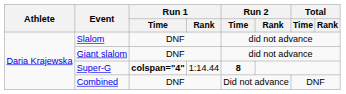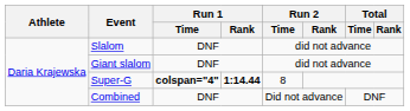 <table class="wikitable" style="font-size:90%">
 <tr>
 <th rowspan=2>Athlete</th>
 <th rowspan=2>Event</th>
 <th colspan=2>Run 1</th>
 <th colspan=2>Run 2</th>
 <th colspan=2>Total</th>
 </tr>
 <tr style="font-size:95%">
 <th>Time</th>
 <th>Rank</th>
 <th>Time</th>
 <th>Rank</th>
 <th>Time</th>
 <th>Rank</th>
 </tr>
 <tr align=center>
 <td align="left" rowspan="4"><a href='#'>Daria Krajewska</a></td>
 <td align="left"><a href='#'>Slalom</a></td>
 <td colspan=2>DNF</td>
 <td colspan=4>did not advance</td>
 </tr>
 <tr align=center>
 <td align="left"><a href='#'>Giant slalom</a></td>
 <td colspan=2>DNF</td>
 <td colspan=4>did not advance</td>
 </tr>
 <tr align=center>
 <td align="left"><a href='#'>Super-G</a></td>
 <td><strong>colspan="4" </strong></td>
-<td>1:14.44</td>
-<td><strong>8</strong></td>
+<td><strong>1:14.44</strong></td>
+<td>8</td>
 </tr>
 <tr align=center>
 <td align="left"><a href='#'>Combined</a></td>
 <td colspan="2">DNF</td>
 <td colspan="2">Did not advance</td>
 <td colspan="2">DNF</td>
 </tr>
 </table>
